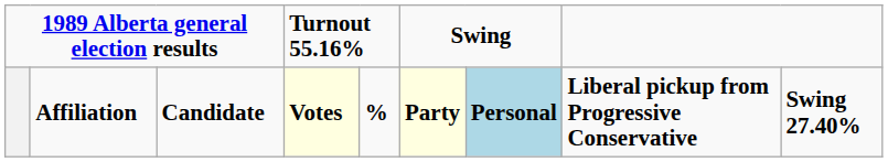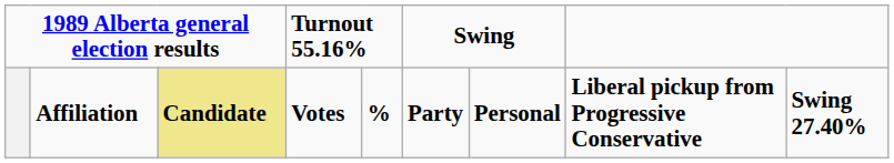 <table class="wikitable">
 <tr>
 <td colspan="3" align=center><strong><a href='#'>1989 Alberta general election</a> results</strong></td>
 <td colspan="2"><strong>Turnout 55.16%</strong></td>
 <td colspan="2" align=center><strong>Swing</strong></td>
 </tr>
 <tr>
 <th style="width: 10px;"></th>
 <td><strong>Affiliation</strong></td>
-<td><strong>Candidate</strong></td>
-<td style="background: lightyellow;"><strong>Votes</strong></td>
+<td style="background: khaki;"><strong>Candidate</strong></td>
+<td><strong>Votes</strong></td>
 <td><strong>%</strong></td>
-<td style="background: lightyellow;"><strong>Party</strong></td>
-<td style="background: lightblue;"><strong>Personal</strong><br>      </td>
+<td><strong>Party</strong></td>
+<td><strong>Personal</strong><br>      </td>
 <td colspan=4><strong>Liberal pickup from Progressive Conservative</strong></td>
 <td colspan=2><strong>Swing 27.40%</strong></td>
 </tr>
 </table>
